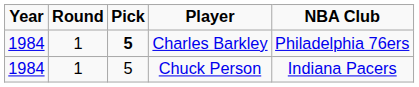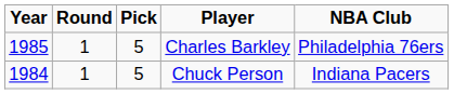 <table class="wikitable">
 <tr align="center">
 <td><strong>Year</strong></td>
 <td><strong>Round</strong></td>
 <td><strong>Pick</strong></td>
 <td><strong>Player</strong></td>
 <td><strong>NBA Club</strong></td>
 </tr>
 <tr style="text-align:center;" bgcolor="">
-<td><a href='#'>1984</a></td>
+<td><a href='#'>1985</a></td>
 <td>1</td>
-<td><strong>5</strong></td>
+<td>5</td>
 <td><a href='#'>Charles Barkley</a></td>
 <td><a href='#'>Philadelphia 76ers</a></td>
 </tr>
 <tr style="text-align:center;" bgcolor="">
 <td><a href='#'>1984</a></td>
 <td>1</td>
 <td>5</td>
 <td><a href='#'>Chuck Person</a></td>
 <td><a href='#'>Indiana Pacers</a></td>
 </tr>
 </table>
